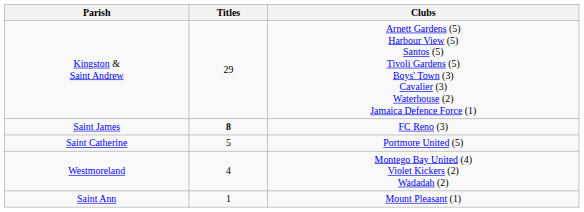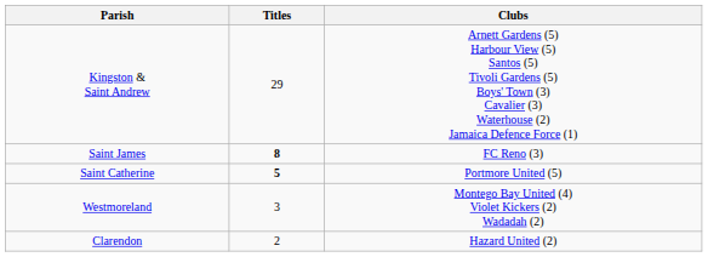 <table class="wikitable sortable mw-collapsible" style="font-size:95%; text-align: center; width:70%;">
 <tr>
 <th>Parish</th>
 <th>Titles</th>
 <th>Clubs</th>
 </tr>
 <tr>
 <td><a href='#'>Kingston</a> &<br><a href='#'>Saint Andrew</a></td>
 <td style="text-align:center;">29</td>
 <td><a href='#'>Arnett Gardens</a> (5)<br><a href='#'>Harbour View</a> (5)<br><a href='#'>Santos</a> (5)<br><a href='#'>Tivoli Gardens</a> (5)<br><a href='#'>Boys' Town</a> (3)<br><a href='#'>Cavalier</a> (3)<br><a href='#'>Waterhouse</a> (2)<br><a href='#'>Jamaica Defence Force</a> (1)</td>
 </tr>
 <tr>
 <td><a href='#'>Saint James</a></td>
 <td style="text-align:center;"><strong>8</strong></td>
 <td><a href='#'>FC Reno</a> (3)</td>
 </tr>
 <tr>
 <td><a href='#'>Saint Catherine</a></td>
-<td style="text-align:center;">5</td>
+<td style="text-align:center;"><strong>5</strong></td>
 <td><a href='#'>Portmore United</a> (5)</td>
 </tr>
 <tr>
 <td><a href='#'>Westmoreland</a></td>
-<td style="text-align:center;">4</td>
+<td style="text-align:center;">3</td>
 <td><a href='#'>Montego Bay United</a> (4)<br><a href='#'>Violet Kickers</a> (2)<br><a href='#'>Wadadah</a> (2)</td>
 </tr>
 <tr>
-<td><a href='#'>Saint Ann</a></td>
-<td style="text-align:center;">1</td>
-<td><a href='#'>Mount Pleasant</a> (1)</td>
+<td><a href='#'>Clarendon</a></td>
+<td style="text-align:center;">2</td>
+<td><a href='#'>Hazard United</a> (2)</td>
 </tr>
 </table>
